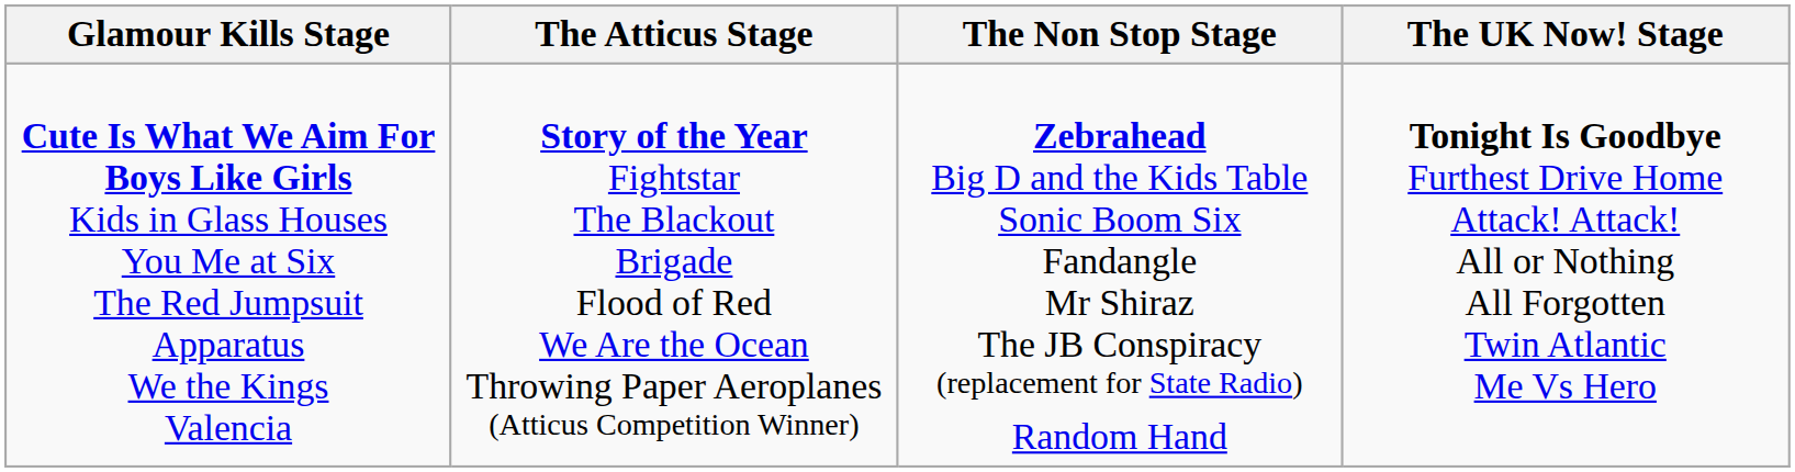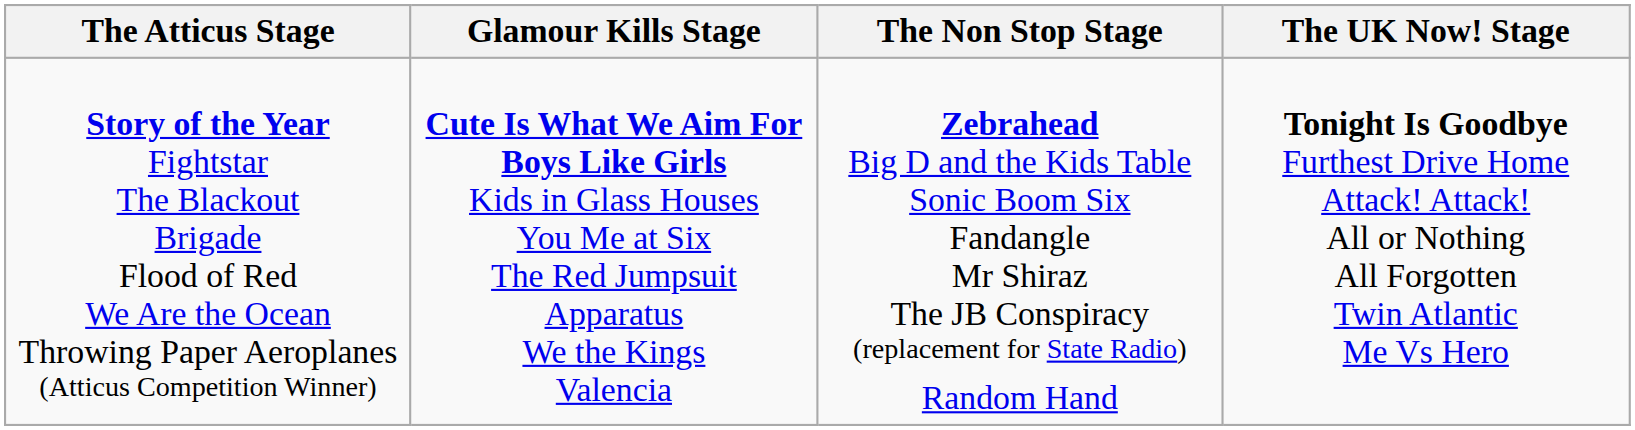 <table class="wikitable">
 <tr>
+<th>The Atticus Stage</th>
 <th>Glamour Kills Stage</th>
-<th>The Atticus Stage</th>
 <th>The Non Stop Stage</th>
 <th>The UK Now! Stage</th>
 </tr>
 <tr>
+<td valign="top" align="center" width=185><br><strong><a href='#'>Story of the Year</a></strong> <br><a href='#'>Fightstar</a> <br><a href='#'>The Blackout</a> <br><a href='#'>Brigade</a> <br>Flood of Red <br><a href='#'>We Are the Ocean</a> <br>Throwing Paper Aeroplanes<br><sup>(Atticus Competition Winner)</sup></td>
 <td valign="top" align="center" width=185><br><strong><a href='#'>Cute Is What We Aim For</a></strong> <br><strong><a href='#'>Boys Like Girls</a></strong> <br><a href='#'>Kids in Glass Houses</a> <br><a href='#'>You Me at Six</a> <br><a href='#'>The Red Jumpsuit Apparatus</a> <br><a href='#'>We the Kings</a> <br><a href='#'>Valencia</a></td>
-<td valign="top" align="center" width=185><br><strong><a href='#'>Story of the Year</a></strong> <br><a href='#'>Fightstar</a> <br><a href='#'>The Blackout</a> <br><a href='#'>Brigade</a> <br>Flood of Red <br><a href='#'>We Are the Ocean</a> <br>Throwing Paper Aeroplanes<br><sup>(Atticus Competition Winner)</sup></td>
 <td valign="top" align="center" width=185><br><strong><a href='#'>Zebrahead</a></strong> <br><a href='#'>Big D and the Kids Table</a> <br><a href='#'>Sonic Boom Six</a> <br>Fandangle <br>Mr Shiraz <br>The JB Conspiracy<br><sup>(replacement for <a href='#'>State Radio</a>)</sup> <br><a href='#'>Random Hand</a></td>
 <td valign="top" align="center" width=185><br><strong>Tonight Is Goodbye</strong> <br><a href='#'>Furthest Drive Home</a> <br><a href='#'>Attack! Attack!</a> <br>All or Nothing <br>All Forgotten <br><a href='#'>Twin Atlantic</a> <br><a href='#'>Me Vs Hero</a></td>
 </tr>
 </table>
